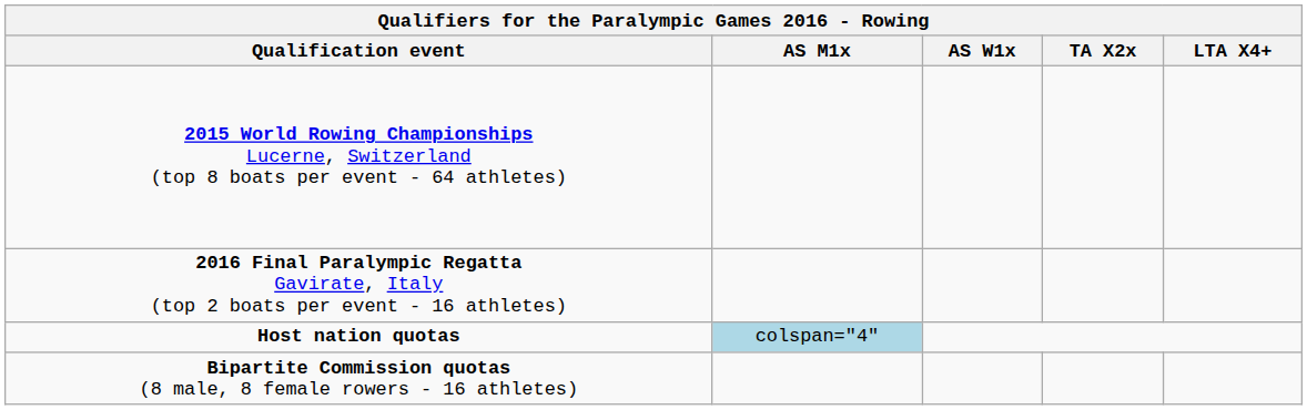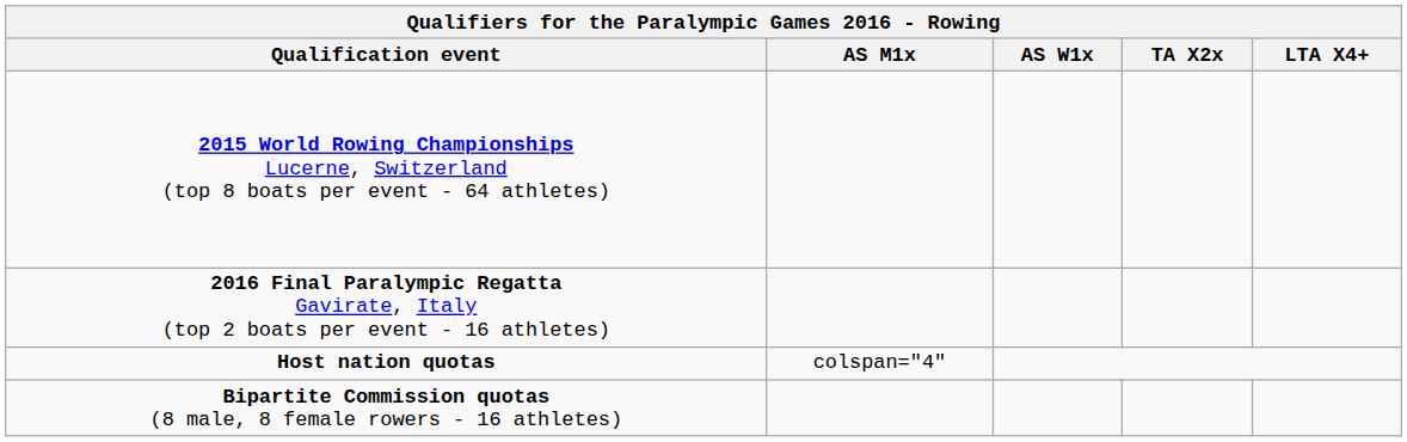 <table class="wikitable"  style="width:900px; text-align:center;">
 <tr>
 <th colspan="5">Qualifiers for the Paralympic Games 2016 - Rowing</th>
 </tr>
 <tr>
 <th><strong>Qualification event</strong></th>
 <th><strong>AS M1x</strong></th>
 <th><strong>AS W1x</strong></th>
 <th><strong>TA X2x</strong></th>
 <th><strong>LTA X4+</strong></th>
 </tr>
 <tr>
 <td><strong><a href='#'>2015 World Rowing Championships</a></strong><br><a href='#'>Lucerne</a>, <a href='#'>Switzerland</a><br> (top 8 boats per event - 64 athletes)</td>
 <td align="left"><br> <br> <br> <s></s><br> <br> <br> <br> <br></td>
 <td align="left"><br> <br> <br> <br> <br> <br> <br> <br></td>
 <td align="left"><br> <br> <br> <br> <br> <br> <br> <br></td>
 <td align="left"><br> <br> <br> <br> <br> <br> <br> <br></td>
 </tr>
 <tr>
 <td><strong>2016 Final Paralympic Regatta</strong><br><a href='#'>Gavirate</a>, <a href='#'>Italy</a><br>(top 2 boats per event - 16 athletes)</td>
 <td align="left"><br> <br> <br></td>
 <td align="left"><br> <br></td>
 <td align="left"><br> <s></s><br> <br></td>
 <td align="left"><br> <br></td>
 </tr>
 <tr>
 <td><strong>Host nation quotas</strong> <br></td>
-<td style="background: lightblue;">colspan="4" </td>
+<td>colspan="4" </td>
 </tr>
 <tr>
 <td><strong>Bipartite Commission quotas</strong><br>(8 male, 8 female rowers - 16 athletes)</td>
 <td align="left"><br></td>
 <td align="left"><br></td>
 <td align="left"><br></td>
 <td align="left"><br></td>
 </tr>
 </table>
